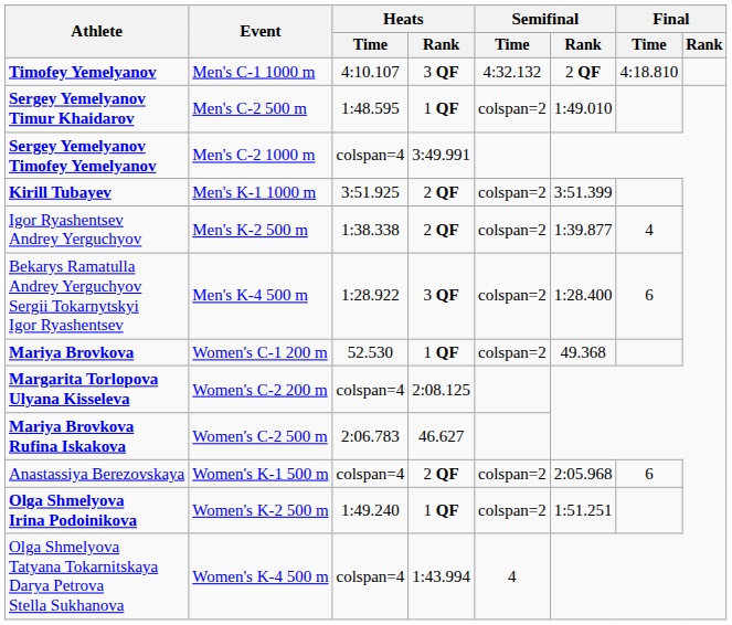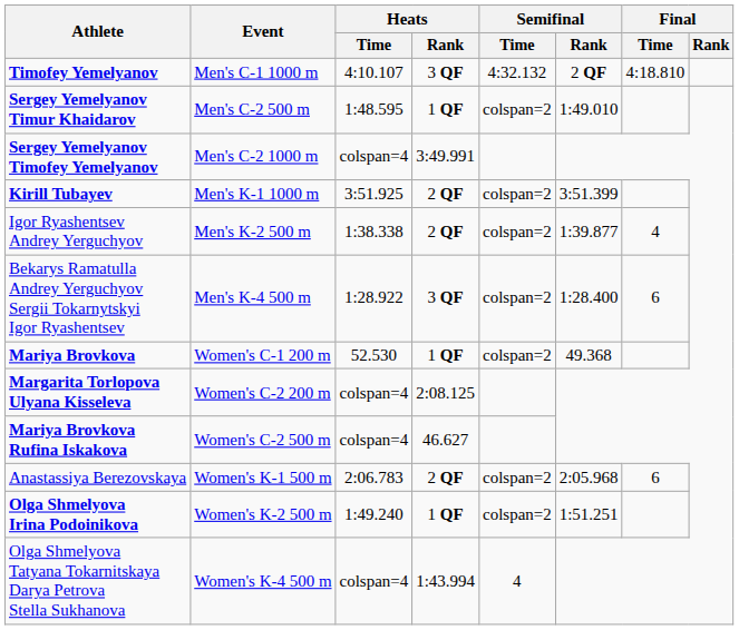 <table class=wikitable style=font-size:90%;text-align:center>
 <tr>
 <th rowspan=2>Athlete</th>
 <th rowspan=2>Event</th>
 <th colspan=2>Heats</th>
 <th colspan=2>Semifinal</th>
 <th colspan=2>Final</th>
 </tr>
 <tr style="font-size:95%">
 <th>Time</th>
 <th>Rank</th>
 <th>Time</th>
 <th>Rank</th>
 <th>Time</th>
 <th>Rank</th>
 </tr>
 <tr>
 <td align=left><strong><a href='#'>Timofey Yemelyanov</a></strong></td>
 <td align=left><a href='#'>Men's C-1 1000 m</a></td>
 <td>4:10.107</td>
 <td>3 <strong>QF</strong></td>
 <td>4:32.132</td>
 <td>2 <strong>QF</strong></td>
 <td>4:18.810</td>
 <td></td>
 </tr>
 <tr>
 <td align=left><strong><a href='#'>Sergey Yemelyanov</a><br><a href='#'>Timur Khaidarov</a></strong></td>
 <td align=left><a href='#'>Men's C-2 500 m</a></td>
 <td>1:48.595</td>
 <td>1 <strong>QF</strong></td>
 <td>colspan=2 </td>
 <td>1:49.010</td>
 <td></td>
 </tr>
 <tr>
 <td align=left><strong><a href='#'>Sergey Yemelyanov</a><br><a href='#'>Timofey Yemelyanov</a></strong></td>
 <td align=left><a href='#'>Men's C-2 1000 m</a></td>
 <td>colspan=4 </td>
 <td>3:49.991</td>
 <td></td>
 </tr>
 <tr>
 <td align=left><strong><a href='#'>Kirill Tubayev</a></strong></td>
 <td align=left><a href='#'>Men's K-1 1000 m</a></td>
 <td>3:51.925</td>
 <td>2 <strong>QF</strong></td>
 <td>colspan=2 </td>
 <td>3:51.399</td>
 <td></td>
 </tr>
 <tr>
 <td align=left><a href='#'>Igor Ryashentsev</a><br><a href='#'>Andrey Yerguchyov</a></td>
 <td align=left><a href='#'>Men's K-2 500 m</a></td>
 <td>1:38.338</td>
 <td>2 <strong>QF</strong></td>
 <td>colspan=2 </td>
 <td>1:39.877</td>
 <td>4</td>
 </tr>
 <tr>
 <td align=left><a href='#'>Bekarys Ramatulla</a><br><a href='#'>Andrey Yerguchyov</a><br><a href='#'>Sergii Tokarnytskyi</a><br><a href='#'>Igor Ryashentsev</a></td>
 <td align=left><a href='#'>Men's K-4 500 m</a></td>
 <td>1:28.922</td>
 <td>3 <strong>QF</strong></td>
 <td>colspan=2 </td>
 <td>1:28.400</td>
 <td>6</td>
 </tr>
 <tr>
 <td align=left><strong><a href='#'>Mariya Brovkova</a></strong></td>
 <td align=left><a href='#'>Women's C-1 200 m</a></td>
 <td>52.530</td>
 <td>1 <strong>QF</strong></td>
 <td>colspan=2 </td>
 <td>49.368</td>
 <td></td>
 </tr>
 <tr>
 <td align=left><strong><a href='#'>Margarita Torlopova</a><br><a href='#'>Ulyana Kisseleva</a></strong></td>
 <td align=left><a href='#'>Women's C-2 200 m</a></td>
 <td>colspan=4 </td>
 <td>2:08.125</td>
 <td></td>
 </tr>
 <tr>
 <td align=left><strong><a href='#'>Mariya Brovkova</a><br><a href='#'>Rufina Iskakova</a></strong></td>
 <td align=left><a href='#'>Women's C-2 500 m</a></td>
-<td>2:06.783</td>
+<td>colspan=4 </td>
 <td>46.627</td>
 <td></td>
 </tr>
 <tr>
 <td align=left><a href='#'>Anastassiya Berezovskaya</a></td>
 <td align=left><a href='#'>Women's K-1 500 m</a></td>
-<td>colspan=4 </td>
+<td>2:06.783</td>
 <td>2 <strong>QF</strong></td>
 <td>colspan=2 </td>
 <td>2:05.968</td>
 <td>6</td>
 </tr>
 <tr>
 <td align=left><strong><a href='#'>Olga Shmelyova</a><br><a href='#'>Irina Podoinikova</a></strong></td>
 <td align=left><a href='#'>Women's K-2 500 m</a></td>
 <td>1:49.240</td>
 <td>1 <strong>QF</strong></td>
 <td>colspan=2 </td>
 <td>1:51.251</td>
 <td></td>
 </tr>
 <tr>
 <td align=left><a href='#'>Olga Shmelyova</a><br><a href='#'>Tatyana Tokarnitskaya</a><br><a href='#'>Darya Petrova</a><br><a href='#'>Stella Sukhanova</a></td>
 <td align=left><a href='#'>Women's K-4 500 m</a></td>
 <td>colspan=4 </td>
 <td>1:43.994</td>
 <td>4</td>
 </tr>
 </table>
